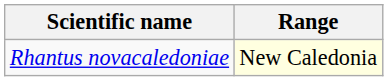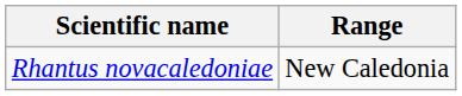 <table class="wikitable sortable">
 <tr>
 <th>Scientific name</th>
 <th>Range</th>
 </tr>
 <tr>
 <td><em><a href='#'>Rhantus novacaledoniae</a></em></td>
-<td style="background: lightyellow;">New Caledonia</td>
+<td>New Caledonia</td>
 </tr>
 </table>
